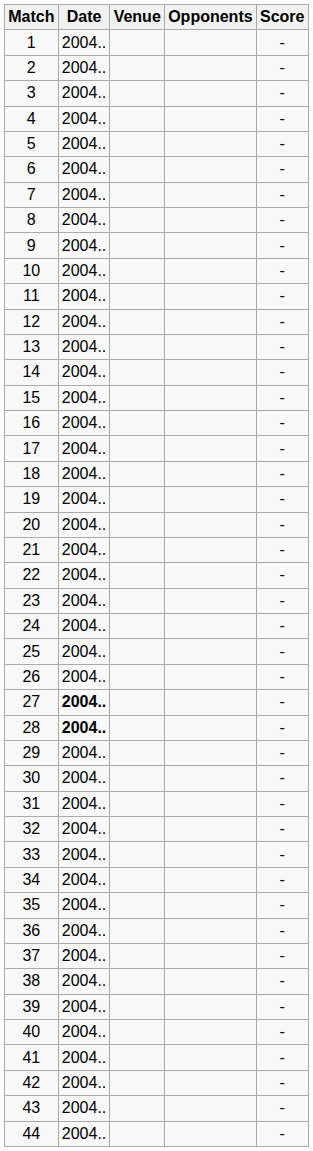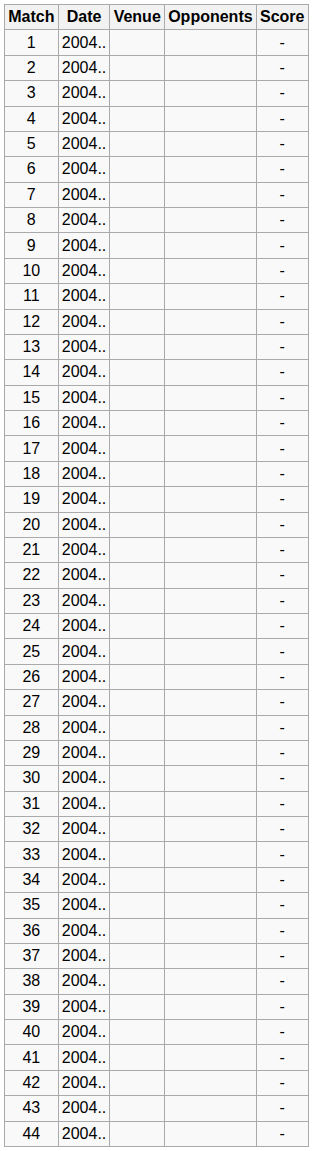 <table class="wikitable" style="text-align:center;">
 <tr>
 <th>Match</th>
 <th>Date</th>
 <th>Venue</th>
 <th>Opponents</th>
 <th>Score</th>
 </tr>
 <tr>
 <td>1</td>
 <td>2004..</td>
 <td><a href='#'></a></td>
 <td><a href='#'></a></td>
 <td>-</td>
 </tr>
 <tr>
 <td>2</td>
 <td>2004..</td>
 <td><a href='#'></a></td>
 <td><a href='#'></a></td>
 <td>-</td>
 </tr>
 <tr>
 <td>3</td>
 <td>2004..</td>
 <td><a href='#'></a></td>
 <td><a href='#'></a></td>
 <td>-</td>
 </tr>
 <tr>
 <td>4</td>
 <td>2004..</td>
 <td><a href='#'></a></td>
 <td><a href='#'></a></td>
 <td>-</td>
 </tr>
 <tr>
 <td>5</td>
 <td>2004..</td>
 <td><a href='#'></a></td>
 <td><a href='#'></a></td>
 <td>-</td>
 </tr>
 <tr>
 <td>6</td>
 <td>2004..</td>
 <td><a href='#'></a></td>
 <td><a href='#'></a></td>
 <td>-</td>
 </tr>
 <tr>
 <td>7</td>
 <td>2004..</td>
 <td><a href='#'></a></td>
 <td><a href='#'></a></td>
 <td>-</td>
 </tr>
 <tr>
 <td>8</td>
 <td>2004..</td>
 <td><a href='#'></a></td>
 <td><a href='#'></a></td>
 <td>-</td>
 </tr>
 <tr>
 <td>9</td>
 <td>2004..</td>
 <td><a href='#'></a></td>
 <td><a href='#'></a></td>
 <td>-</td>
 </tr>
 <tr>
 <td>10</td>
 <td>2004..</td>
 <td><a href='#'></a></td>
 <td><a href='#'></a></td>
 <td>-</td>
 </tr>
 <tr>
 <td>11</td>
 <td>2004..</td>
 <td><a href='#'></a></td>
 <td><a href='#'></a></td>
 <td>-</td>
 </tr>
 <tr>
 <td>12</td>
 <td>2004..</td>
 <td><a href='#'></a></td>
 <td><a href='#'></a></td>
 <td>-</td>
 </tr>
 <tr>
 <td>13</td>
 <td>2004..</td>
 <td><a href='#'></a></td>
 <td><a href='#'></a></td>
 <td>-</td>
 </tr>
 <tr>
 <td>14</td>
 <td>2004..</td>
 <td><a href='#'></a></td>
 <td><a href='#'></a></td>
 <td>-</td>
 </tr>
 <tr>
 <td>15</td>
 <td>2004..</td>
 <td><a href='#'></a></td>
 <td><a href='#'></a></td>
 <td>-</td>
 </tr>
 <tr>
 <td>16</td>
 <td>2004..</td>
 <td><a href='#'></a></td>
 <td><a href='#'></a></td>
 <td>-</td>
 </tr>
 <tr>
 <td>17</td>
 <td>2004..</td>
 <td><a href='#'></a></td>
 <td><a href='#'></a></td>
 <td>-</td>
 </tr>
 <tr>
 <td>18</td>
 <td>2004..</td>
 <td><a href='#'></a></td>
 <td><a href='#'></a></td>
 <td>-</td>
 </tr>
 <tr>
 <td>19</td>
 <td>2004..</td>
 <td><a href='#'></a></td>
 <td><a href='#'></a></td>
 <td>-</td>
 </tr>
 <tr>
 <td>20</td>
 <td>2004..</td>
 <td><a href='#'></a></td>
 <td><a href='#'></a></td>
 <td>-</td>
 </tr>
 <tr>
 <td>21</td>
 <td>2004..</td>
 <td><a href='#'></a></td>
 <td><a href='#'></a></td>
 <td>-</td>
 </tr>
 <tr>
 <td>22</td>
 <td>2004..</td>
 <td><a href='#'></a></td>
 <td><a href='#'></a></td>
 <td>-</td>
 </tr>
 <tr>
 <td>23</td>
 <td>2004..</td>
 <td><a href='#'></a></td>
 <td><a href='#'></a></td>
 <td>-</td>
 </tr>
 <tr>
 <td>24</td>
 <td>2004..</td>
 <td><a href='#'></a></td>
 <td><a href='#'></a></td>
 <td>-</td>
 </tr>
 <tr>
 <td>25</td>
 <td>2004..</td>
 <td><a href='#'></a></td>
 <td><a href='#'></a></td>
 <td>-</td>
 </tr>
 <tr>
 <td>26</td>
 <td>2004..</td>
 <td><a href='#'></a></td>
 <td><a href='#'></a></td>
 <td>-</td>
 </tr>
 <tr>
 <td>27</td>
-<td><strong>2004..</strong></td>
+<td>2004..</td>
 <td><a href='#'></a></td>
 <td><a href='#'></a></td>
 <td>-</td>
 </tr>
 <tr>
 <td>28</td>
-<td><strong>2004..</strong></td>
+<td>2004..</td>
 <td><a href='#'></a></td>
 <td><a href='#'></a></td>
 <td>-</td>
 </tr>
 <tr>
 <td>29</td>
 <td>2004..</td>
 <td><a href='#'></a></td>
 <td><a href='#'></a></td>
 <td>-</td>
 </tr>
 <tr>
 <td>30</td>
 <td>2004..</td>
 <td><a href='#'></a></td>
 <td><a href='#'></a></td>
 <td>-</td>
 </tr>
 <tr>
 <td>31</td>
 <td>2004..</td>
 <td><a href='#'></a></td>
 <td><a href='#'></a></td>
 <td>-</td>
 </tr>
 <tr>
 <td>32</td>
 <td>2004..</td>
 <td><a href='#'></a></td>
 <td><a href='#'></a></td>
 <td>-</td>
 </tr>
 <tr>
 <td>33</td>
 <td>2004..</td>
 <td><a href='#'></a></td>
 <td><a href='#'></a></td>
 <td>-</td>
 </tr>
 <tr>
 <td>34</td>
 <td>2004..</td>
 <td><a href='#'></a></td>
 <td><a href='#'></a></td>
 <td>-</td>
 </tr>
 <tr>
 <td>35</td>
 <td>2004..</td>
 <td><a href='#'></a></td>
 <td><a href='#'></a></td>
 <td>-</td>
 </tr>
 <tr>
 <td>36</td>
 <td>2004..</td>
 <td><a href='#'></a></td>
 <td><a href='#'></a></td>
 <td>-</td>
 </tr>
 <tr>
 <td>37</td>
 <td>2004..</td>
 <td><a href='#'></a></td>
 <td><a href='#'></a></td>
 <td>-</td>
 </tr>
 <tr>
 <td>38</td>
 <td>2004..</td>
 <td><a href='#'></a></td>
 <td><a href='#'></a></td>
 <td>-</td>
 </tr>
 <tr>
 <td>39</td>
 <td>2004..</td>
 <td><a href='#'></a></td>
 <td><a href='#'></a></td>
 <td>-</td>
 </tr>
 <tr>
 <td>40</td>
 <td>2004..</td>
 <td><a href='#'></a></td>
 <td><a href='#'></a></td>
 <td>-</td>
 </tr>
 <tr>
 <td>41</td>
 <td>2004..</td>
 <td><a href='#'></a></td>
 <td><a href='#'></a></td>
 <td>-</td>
 </tr>
 <tr>
 <td>42</td>
 <td>2004..</td>
 <td><a href='#'></a></td>
 <td><a href='#'></a></td>
 <td>-</td>
 </tr>
 <tr>
 <td>43</td>
 <td>2004..</td>
 <td><a href='#'></a></td>
 <td><a href='#'></a></td>
 <td>-</td>
 </tr>
 <tr>
 <td>44</td>
 <td>2004..</td>
 <td><a href='#'></a></td>
 <td><a href='#'></a></td>
 <td>-</td>
 </tr>
 </table>
